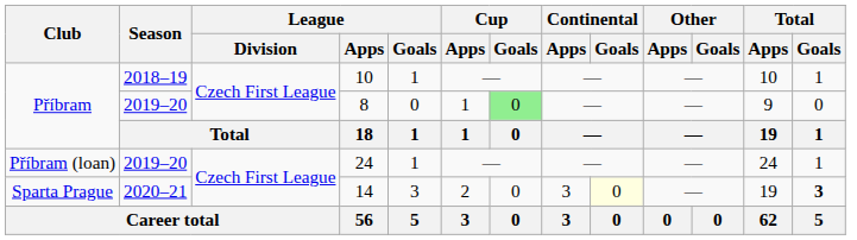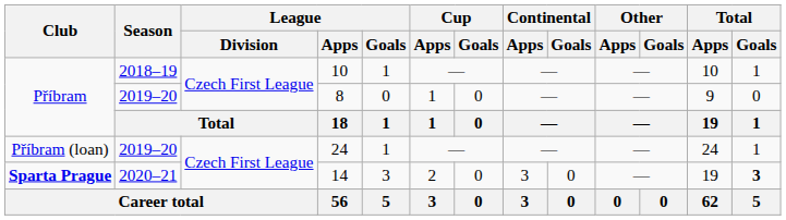 <table class="wikitable" style="text-align:center">
 <tr>
 <th rowspan="2">Club</th>
 <th rowspan="2">Season</th>
 <th colspan="3">League</th>
 <th colspan="2">Cup</th>
 <th colspan="2">Continental</th>
 <th colspan="2">Other</th>
 <th colspan="2">Total</th>
 </tr>
 <tr>
 <th>Division</th>
 <th>Apps</th>
 <th>Goals</th>
 <th>Apps</th>
 <th>Goals</th>
 <th>Apps</th>
 <th>Goals</th>
 <th>Apps</th>
 <th>Goals</th>
 <th>Apps</th>
 <th>Goals</th>
 </tr>
 <tr>
 <td rowspan="3"><a href='#'>Příbram</a></td>
 <td><a href='#'>2018–19</a></td>
 <td rowspan="2"><a href='#'>Czech First League</a></td>
 <td>10</td>
 <td>1</td>
 <td colspan="2">—</td>
 <td colspan="2">—</td>
 <td colspan="2">—</td>
 <td>10</td>
 <td>1</td>
 </tr>
 <tr>
 <td><a href='#'>2019–20</a></td>
 <td>8</td>
 <td>0</td>
 <td>1</td>
-<td style="background: lightgreen;">0</td>
+<td>0</td>
 <td colspan="2">—</td>
 <td colspan="2">—</td>
 <td>9</td>
 <td>0</td>
 </tr>
 <tr>
 <th colspan="2">Total</th>
 <th>18</th>
 <th>1</th>
 <th>1</th>
 <th>0</th>
 <th colspan="2">—</th>
 <th colspan="2">—</th>
 <th>19</th>
 <th>1</th>
 </tr>
 <tr>
 <td><a href='#'>Příbram</a> (loan)</td>
 <td><a href='#'>2019–20</a></td>
 <td rowspan="2"><a href='#'>Czech First League</a></td>
 <td>24</td>
 <td>1</td>
 <td colspan="2">—</td>
 <td colspan="2">—</td>
 <td colspan="2">—</td>
 <td>24</td>
 <td>1</td>
 </tr>
 <tr>
-<td><a href='#'>Sparta Prague</a></td>
+<td><strong><a href='#'>Sparta Prague</a></strong></td>
 <td><a href='#'>2020–21</a></td>
 <td>14</td>
 <td>3</td>
 <td>2</td>
 <td>0</td>
 <td>3</td>
-<td style="background: lightyellow;">0</td>
+<td>0</td>
 <td colspan="2">—</td>
 <td>19</td>
 <td><strong>3</strong></td>
 </tr>
 <tr>
 <th colspan="3">Career total</th>
 <th>56</th>
 <th>5</th>
 <th>3</th>
 <th>0</th>
 <th>3</th>
 <th>0</th>
 <th>0</th>
 <th>0</th>
 <th>62</th>
 <th>5</th>
 </tr>
 </table>
